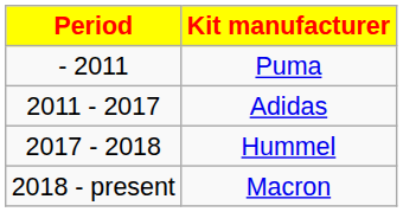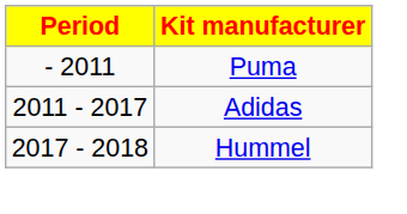 <table class="wikitable" style="font-size: 95%; text-align:center">
 <tr>
 <th scope=col style="color:red; background:yellow">Period</th>
 <th scope=col style="color:red; background:yellow">Kit manufacturer</th>
 </tr>
 <tr>
 <td>- 2011</td>
 <td> <a href='#'>Puma</a></td>
 </tr>
 <tr>
 <td>2011 - 2017</td>
 <td> <a href='#'>Adidas</a></td>
 </tr>
 <tr>
 <td>2017 - 2018</td>
 <td> <a href='#'>Hummel</a></td>
 </tr>
-<tr>
-<td>2018 - present</td>
-<td> <a href='#'>Macron</a></td>
-</tr>
 </table>
